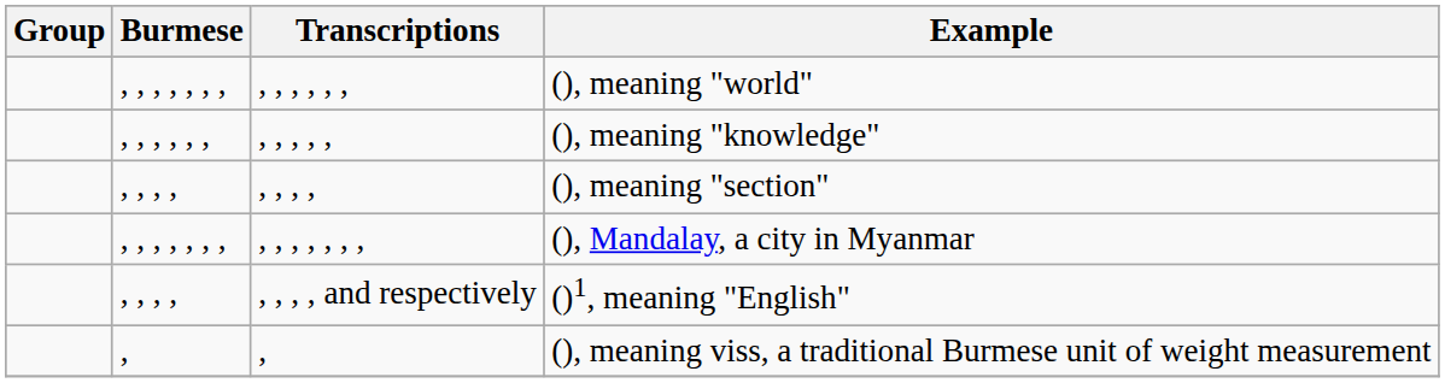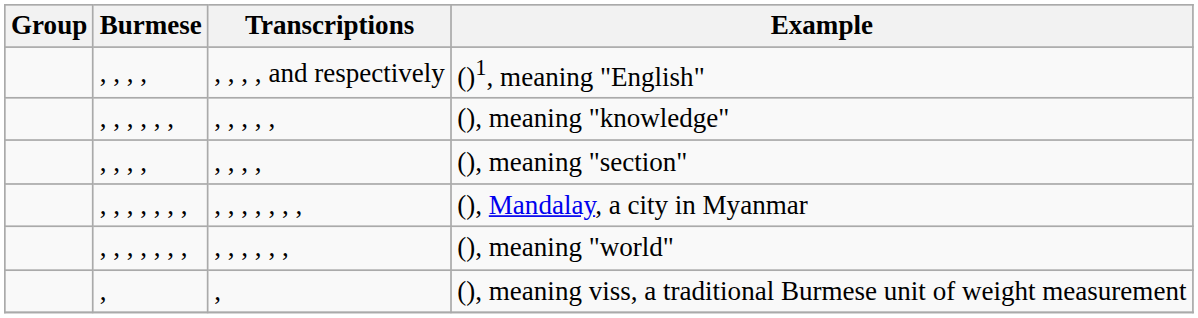 <table class="wikitable">
 <tr>
 <th>Group</th>
 <th>Burmese</th>
 <th>Transcriptions</th>
 <th>Example</th>
 </tr>
 <tr>
 <td></td>
-<td>, , , , , , ,</td>
-<td>, , , , , , </td>
-<td> (), meaning "world"</td>
+<td>, , , , </td>
+<td>, , , , and  respectively</td>
+<td> (‌)<sup>1</sup>, meaning "English"</td>
 </tr>
 <tr>
 <td></td>
 <td>, , , , , ,</td>
 <td>, , , , , </td>
 <td> (), meaning "knowledge"</td>
 </tr>
 <tr>
 <td></td>
 <td>, , , , </td>
 <td>, , , , </td>
 <td> (), meaning "section"</td>
 </tr>
 <tr>
 <td></td>
 <td>, , , , , , , </td>
 <td>, , , , , , , </td>
 <td> (), <a href='#'>Mandalay</a>, a city in Myanmar</td>
 </tr>
 <tr>
 <td></td>
-<td>, , , , </td>
-<td>, , , , and  respectively</td>
-<td> (‌)<sup>1</sup>, meaning "English"</td>
+<td>, , , , , , ,</td>
+<td>, , , , , , </td>
+<td> (), meaning "world"</td>
 </tr>
 <tr>
 <td></td>
 <td>, </td>
 <td>, </td>
 <td> (), meaning viss, a traditional Burmese unit of weight measurement</td>
 </tr>
 <tr>
 </tr>
 </table>
